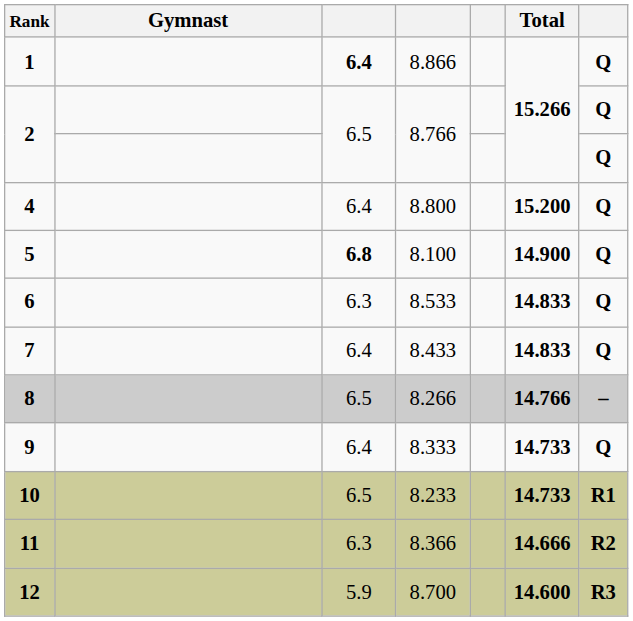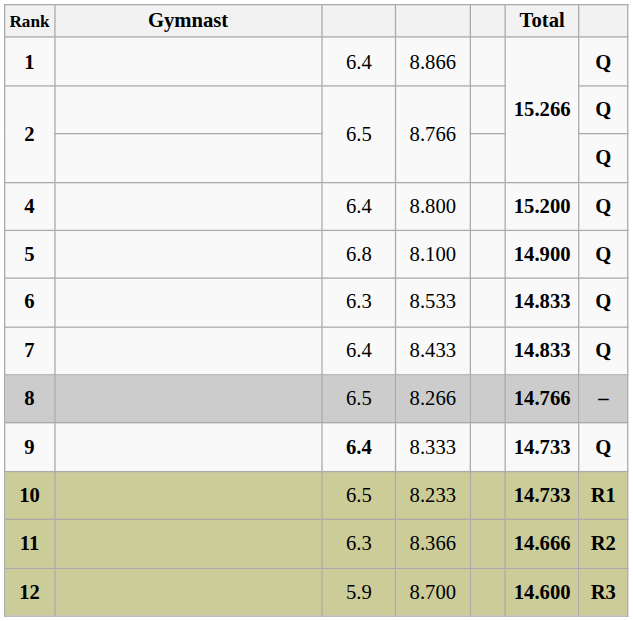 <table style="text-align:center;" class="wikitable sortable">
 <tr>
 <th scope="col" style="width:15px;"><small>Rank</small></th>
 <th scope="col" style="width:200px;">Gymnast</th>
 <th scope="col" style="width:50px;"><small></small></th>
 <th scope="col" style="width:50px;"><small></small></th>
 <th scope="col" style="width:20px;"><small></small></th>
 <th scope="col" style="width:50px;">Total</th>
 <th scope="col" style="width:30px;"><small></small></th>
 </tr>
 <tr>
 <td scope="row" style="text-align:center"><strong>1</strong></td>
 <td style="height:30px; text-align:left;"></td>
-<td><strong>6.4</strong></td>
+<td>6.4</td>
 <td>8.866</td>
 <td></td>
 <td rowspan=3><strong>15.266</strong></td>
 <td><strong>Q</strong></td>
 </tr>
 <tr>
 <td rowspan=2 scope="row" style="text-align:center"><strong>2</strong></td>
 <td style="height:30px; text-align:left;"></td>
 <td rowspan=2>6.5</td>
 <td rowspan=2>8.766</td>
 <td></td>
 <td><strong>Q</strong></td>
 </tr>
 <tr>
 <td style="height:30px; text-align:left;"></td>
 <td></td>
 <td><strong>Q</strong></td>
 </tr>
 <tr>
 <td scope="row" style="text-align:center"><strong>4</strong></td>
 <td style="height:30px; text-align:left;"></td>
 <td>6.4</td>
 <td>8.800</td>
 <td></td>
 <td><strong>15.200</strong></td>
 <td><strong>Q</strong></td>
 </tr>
 <tr>
 <td scope="row" style="text-align:center"><strong>5</strong></td>
 <td style="height:30px; text-align:left;"></td>
-<td><strong>6.8</strong></td>
+<td>6.8</td>
 <td>8.100</td>
 <td></td>
 <td><strong>14.900</strong></td>
 <td><strong>Q</strong></td>
 </tr>
 <tr>
 <td scope="row" style="text-align:center"><strong>6</strong></td>
 <td style="height:30px; text-align:left;"></td>
 <td>6.3</td>
 <td>8.533</td>
 <td></td>
 <td><strong>14.833</strong></td>
 <td><strong>Q</strong></td>
 </tr>
 <tr>
 <td scope="row" style="text-align:center"><strong>7</strong></td>
 <td style="height:30px; text-align:left;"></td>
 <td>6.4</td>
 <td>8.433</td>
 <td></td>
 <td><strong>14.833</strong></td>
 <td><strong>Q</strong></td>
 </tr>
 <tr style="background:#cccccc;">
 <td scope="row" style="text-align:center"><strong>8</strong></td>
 <td style="height:30px; text-align:left;"></td>
 <td>6.5</td>
 <td>8.266</td>
 <td></td>
 <td><strong>14.766</strong></td>
 <td><strong>–</strong></td>
 </tr>
 <tr>
 <td scope="row" style="text-align:center"><strong>9</strong></td>
 <td style="height:30px; text-align:left;"></td>
-<td>6.4</td>
+<td><strong>6.4</strong></td>
 <td>8.333</td>
 <td></td>
 <td><strong>14.733</strong></td>
 <td><strong>Q</strong></td>
 </tr>
 <tr style="background:#cccc99;">
 <td scope="row" style="text-align:center"><strong>10</strong></td>
 <td style="height:30px; text-align:left;"></td>
 <td>6.5</td>
 <td>8.233</td>
 <td></td>
 <td><strong>14.733</strong></td>
 <td><strong>R1</strong></td>
 </tr>
 <tr style="background:#cccc99;">
 <td scope="row" style="text-align:center"><strong>11</strong></td>
 <td style="height:30px; text-align:left;"></td>
 <td>6.3</td>
 <td>8.366</td>
 <td></td>
 <td><strong>14.666</strong></td>
 <td><strong>R2</strong></td>
 </tr>
 <tr style="background:#cccc99;">
 <td scope="row" style="text-align:center"><strong>12</strong></td>
 <td style="height:30px; text-align:left;"></td>
 <td>5.9</td>
 <td>8.700</td>
 <td></td>
 <td><strong>14.600</strong></td>
 <td><strong>R3</strong></td>
 </tr>
 </table>
